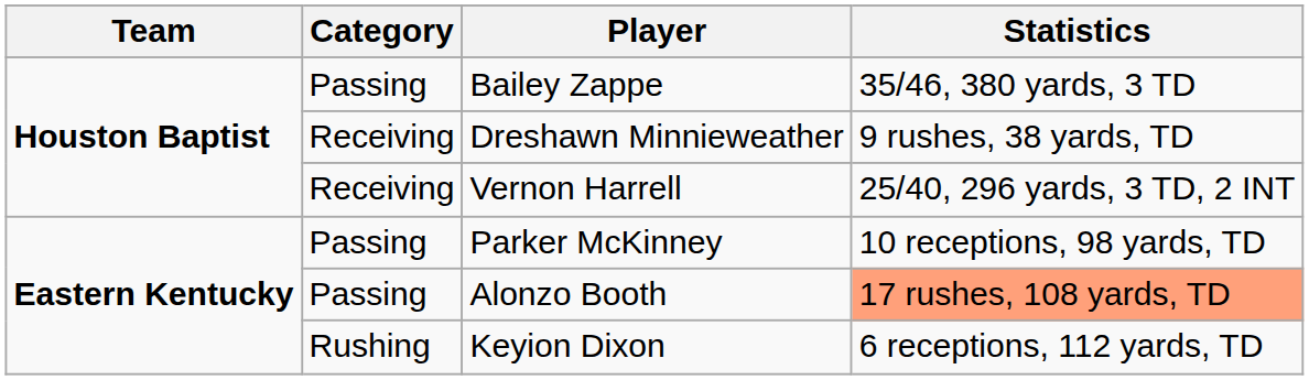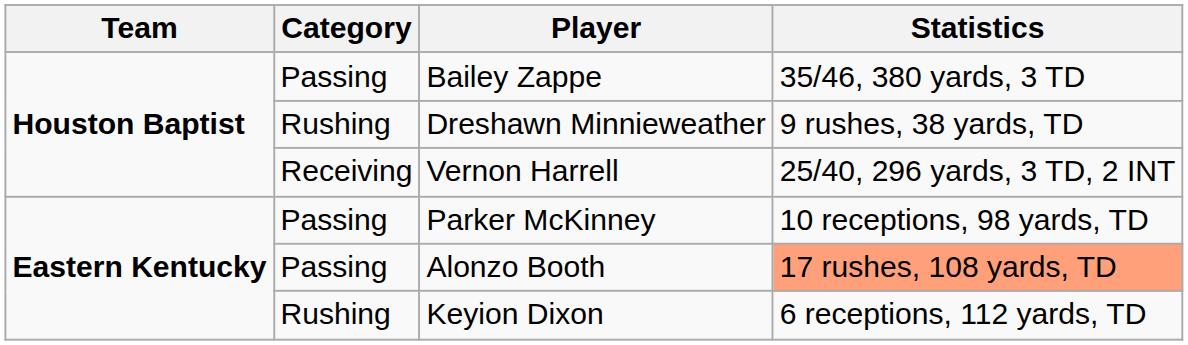 <table class="wikitable" style="float: right;">
 <tr>
 <th>Team</th>
 <th>Category</th>
 <th>Player</th>
 <th>Statistics</th>
 </tr>
 <tr>
 <td rowspan=3><strong>Houston Baptist</strong></td>
 <td>Passing</td>
 <td>Bailey Zappe</td>
 <td>35/46, 380 yards, 3 TD</td>
 </tr>
 <tr>
-<td>Receiving</td>
+<td>Rushing</td>
 <td>Dreshawn Minnieweather</td>
 <td>9 rushes, 38 yards, TD</td>
 </tr>
 <tr>
 <td>Receiving</td>
 <td>Vernon Harrell</td>
 <td>25/40, 296 yards, 3 TD, 2 INT</td>
 </tr>
 <tr>
 <td rowspan=3><strong>Eastern Kentucky</strong></td>
 <td>Passing</td>
 <td>Parker McKinney</td>
 <td>10 receptions, 98 yards, TD</td>
 </tr>
 <tr>
 <td>Passing</td>
 <td>Alonzo Booth</td>
 <td style="background: lightsalmon;">17 rushes, 108 yards, TD</td>
 </tr>
 <tr>
 <td>Rushing</td>
 <td>Keyion Dixon</td>
 <td>6 receptions, 112 yards, TD</td>
 </tr>
 </table>
